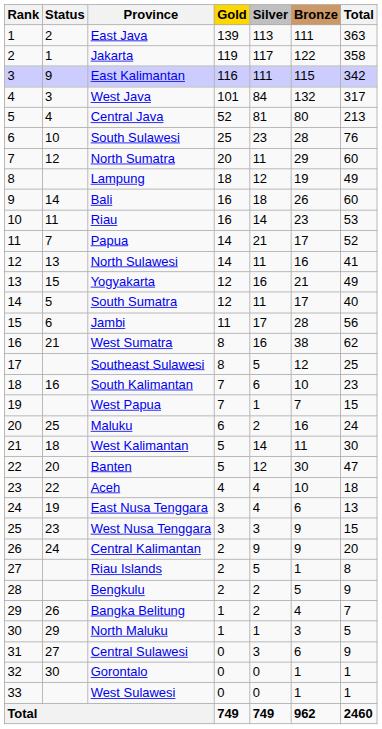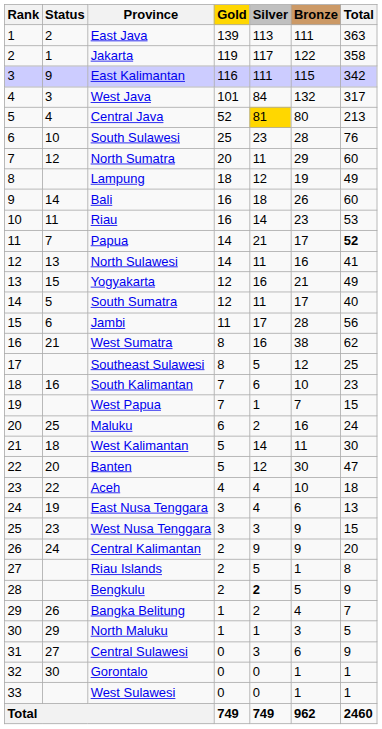 <table class="wikitable sortable">
 <tr>
 <th>Rank</th>
 <th>Status</th>
 <th>Province</th>
 <th style="background:gold;">Gold</th>
 <th style="background:silver;">Silver</th>
 <th style="background:#CC9966;">Bronze</th>
 <th><strong>Total</strong></th>
 </tr>
 <tr>
 <td>1</td>
 <td> 2</td>
 <td style="text-align:left"><a href='#'>East Java</a></td>
 <td>139</td>
 <td>113</td>
 <td>111</td>
 <td>363</td>
 </tr>
 <tr>
 <td>2</td>
 <td> 1</td>
 <td style="text-align:left"><a href='#'>Jakarta</a></td>
 <td>119</td>
 <td>117</td>
 <td>122</td>
 <td>358</td>
 </tr>
 <tr style="background:#ccccff;">
 <td>3</td>
 <td> 9</td>
 <td style="text-align:left"><a href='#'>East Kalimantan</a></td>
 <td>116</td>
 <td>111</td>
 <td>115</td>
 <td>342</td>
 </tr>
 <tr>
 <td>4</td>
 <td> 3</td>
 <td style="text-align:left"><a href='#'>West Java</a></td>
 <td>101</td>
 <td>84</td>
 <td>132</td>
 <td>317</td>
 </tr>
 <tr>
 <td>5</td>
 <td> 4</td>
 <td style="text-align:left"><a href='#'>Central Java</a></td>
 <td>52</td>
-<td>81</td>
+<td style="background: gold;">81</td>
 <td>80</td>
 <td>213</td>
 </tr>
 <tr>
 <td>6</td>
 <td> 10</td>
 <td style="text-align:left"><a href='#'>South Sulawesi</a></td>
 <td>25</td>
 <td>23</td>
 <td>28</td>
 <td>76</td>
 </tr>
 <tr>
 <td>7</td>
 <td> 12</td>
 <td style="text-align:left"><a href='#'>North Sumatra</a></td>
 <td>20</td>
 <td>11</td>
 <td>29</td>
 <td>60</td>
 </tr>
 <tr>
 <td>8</td>
 <td></td>
 <td style="text-align:left"><a href='#'>Lampung</a></td>
 <td>18</td>
 <td>12</td>
 <td>19</td>
 <td>49</td>
 </tr>
 <tr>
 <td>9</td>
 <td> 14</td>
 <td style="text-align:left"><a href='#'>Bali</a></td>
 <td>16</td>
 <td>18</td>
 <td>26</td>
 <td>60</td>
 </tr>
 <tr>
 <td>10</td>
 <td> 11</td>
 <td style="text-align:left"><a href='#'>Riau</a></td>
 <td>16</td>
 <td>14</td>
 <td>23</td>
 <td>53</td>
 </tr>
 <tr>
 <td>11</td>
 <td> 7</td>
 <td style="text-align:left"><a href='#'>Papua</a></td>
 <td>14</td>
 <td>21</td>
 <td>17</td>
-<td>52</td>
+<td><strong>52</strong></td>
 </tr>
 <tr>
 <td>12</td>
 <td> 13</td>
 <td style="text-align:left"><a href='#'>North Sulawesi</a></td>
 <td>14</td>
 <td>11</td>
 <td>16</td>
 <td>41</td>
 </tr>
 <tr>
 <td>13</td>
 <td> 15</td>
 <td style="text-align:left"><a href='#'>Yogyakarta</a></td>
 <td>12</td>
 <td>16</td>
 <td>21</td>
 <td>49</td>
 </tr>
 <tr>
 <td>14</td>
 <td> 5</td>
 <td style="text-align:left"><a href='#'>South Sumatra</a></td>
 <td>12</td>
 <td>11</td>
 <td>17</td>
 <td>40</td>
 </tr>
 <tr>
 <td>15</td>
 <td> 6</td>
 <td style="text-align:left"><a href='#'>Jambi</a></td>
 <td>11</td>
 <td>17</td>
 <td>28</td>
 <td>56</td>
 </tr>
 <tr>
 <td>16</td>
 <td> 21</td>
 <td style="text-align:left"><a href='#'>West Sumatra</a></td>
 <td>8</td>
 <td>16</td>
 <td>38</td>
 <td>62</td>
 </tr>
 <tr>
 <td>17</td>
 <td></td>
 <td style="text-align:left"><a href='#'>Southeast Sulawesi</a></td>
 <td>8</td>
 <td>5</td>
 <td>12</td>
 <td>25</td>
 </tr>
 <tr>
 <td>18</td>
 <td> 16</td>
 <td style="text-align:left"><a href='#'>South Kalimantan</a></td>
 <td>7</td>
 <td>6</td>
 <td>10</td>
 <td>23</td>
 </tr>
 <tr>
 <td>19</td>
 <td></td>
 <td style="text-align:left"><a href='#'>West Papua</a></td>
 <td>7</td>
 <td>1</td>
 <td>7</td>
 <td>15</td>
 </tr>
 <tr>
 <td>20</td>
 <td> 25</td>
 <td style="text-align:left"><a href='#'>Maluku</a></td>
 <td>6</td>
 <td>2</td>
 <td>16</td>
 <td>24</td>
 </tr>
 <tr>
 <td>21</td>
 <td> 18</td>
 <td style="text-align:left"><a href='#'>West Kalimantan</a></td>
 <td>5</td>
 <td>14</td>
 <td>11</td>
 <td>30</td>
 </tr>
 <tr>
 <td>22</td>
 <td> 20</td>
 <td style="text-align:left"><a href='#'>Banten</a></td>
 <td>5</td>
 <td>12</td>
 <td>30</td>
 <td>47</td>
 </tr>
 <tr>
 <td>23</td>
 <td> 22</td>
 <td style="text-align:left"><a href='#'>Aceh</a></td>
 <td>4</td>
 <td>4</td>
 <td>10</td>
 <td>18</td>
 </tr>
 <tr>
 <td>24</td>
 <td> 19</td>
 <td style="text-align:left"><a href='#'>East Nusa Tenggara</a></td>
 <td>3</td>
 <td>4</td>
 <td>6</td>
 <td>13</td>
 </tr>
 <tr>
 <td>25</td>
 <td> 23</td>
 <td style="text-align:left"><a href='#'>West Nusa Tenggara</a></td>
 <td>3</td>
 <td>3</td>
 <td>9</td>
 <td>15</td>
 </tr>
 <tr>
 <td>26</td>
 <td> 24</td>
 <td style="text-align:left"><a href='#'>Central Kalimantan</a></td>
 <td>2</td>
 <td>9</td>
 <td>9</td>
 <td>20</td>
 </tr>
 <tr>
 <td>27</td>
 <td></td>
 <td style="text-align:left"><a href='#'>Riau Islands</a></td>
 <td>2</td>
 <td>5</td>
 <td>1</td>
 <td>8</td>
 </tr>
 <tr>
 <td>28</td>
 <td></td>
 <td style="text-align:left"><a href='#'>Bengkulu</a></td>
 <td>2</td>
-<td>2</td>
+<td><strong>2</strong></td>
 <td>5</td>
 <td>9</td>
 </tr>
 <tr>
 <td>29</td>
 <td> 26</td>
 <td style="text-align:left"><a href='#'>Bangka Belitung</a></td>
 <td>1</td>
 <td>2</td>
 <td>4</td>
 <td>7</td>
 </tr>
 <tr>
 <td>30</td>
 <td> 29</td>
 <td style="text-align:left"><a href='#'>North Maluku</a></td>
 <td>1</td>
 <td>1</td>
 <td>3</td>
 <td>5</td>
 </tr>
 <tr>
 <td>31</td>
 <td> 27</td>
 <td style="text-align:left"><a href='#'>Central Sulawesi</a></td>
 <td>0</td>
 <td>3</td>
 <td>6</td>
 <td>9</td>
 </tr>
 <tr>
 <td>32</td>
 <td> 30</td>
 <td style="text-align:left"><a href='#'>Gorontalo</a></td>
 <td>0</td>
 <td>0</td>
 <td>1</td>
 <td>1</td>
 </tr>
 <tr>
 <td>33</td>
 <td></td>
 <td style="text-align:left"><a href='#'>West Sulawesi</a></td>
 <td>0</td>
 <td>0</td>
 <td>1</td>
 <td>1</td>
 </tr>
 <tr>
 <th colspan="3" style="text-align:left;">Total</th>
 <td><strong>749</strong></td>
 <td><strong>749</strong></td>
 <td><strong>962</strong></td>
 <td><strong>2460</strong></td>
 </tr>
 </table>
